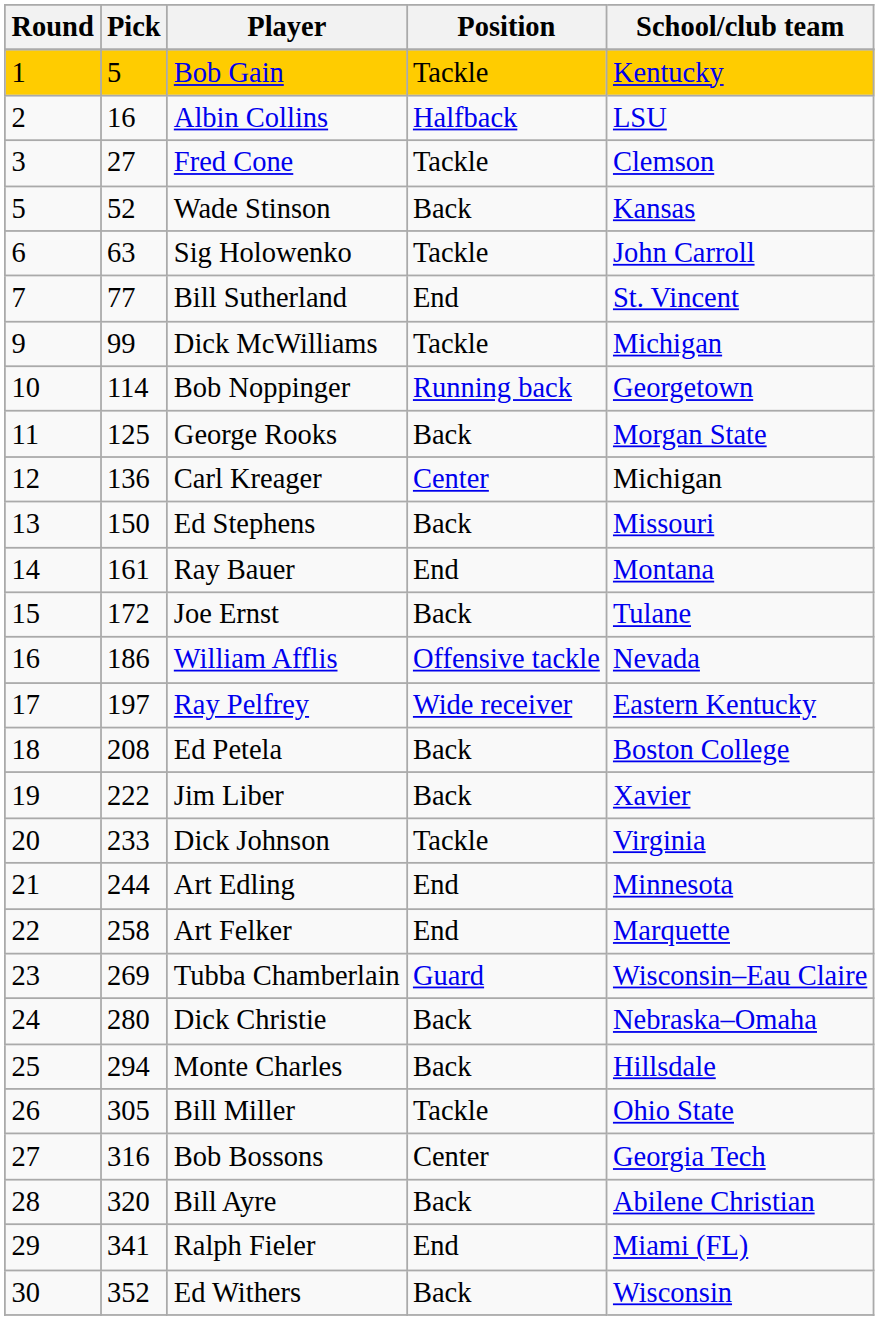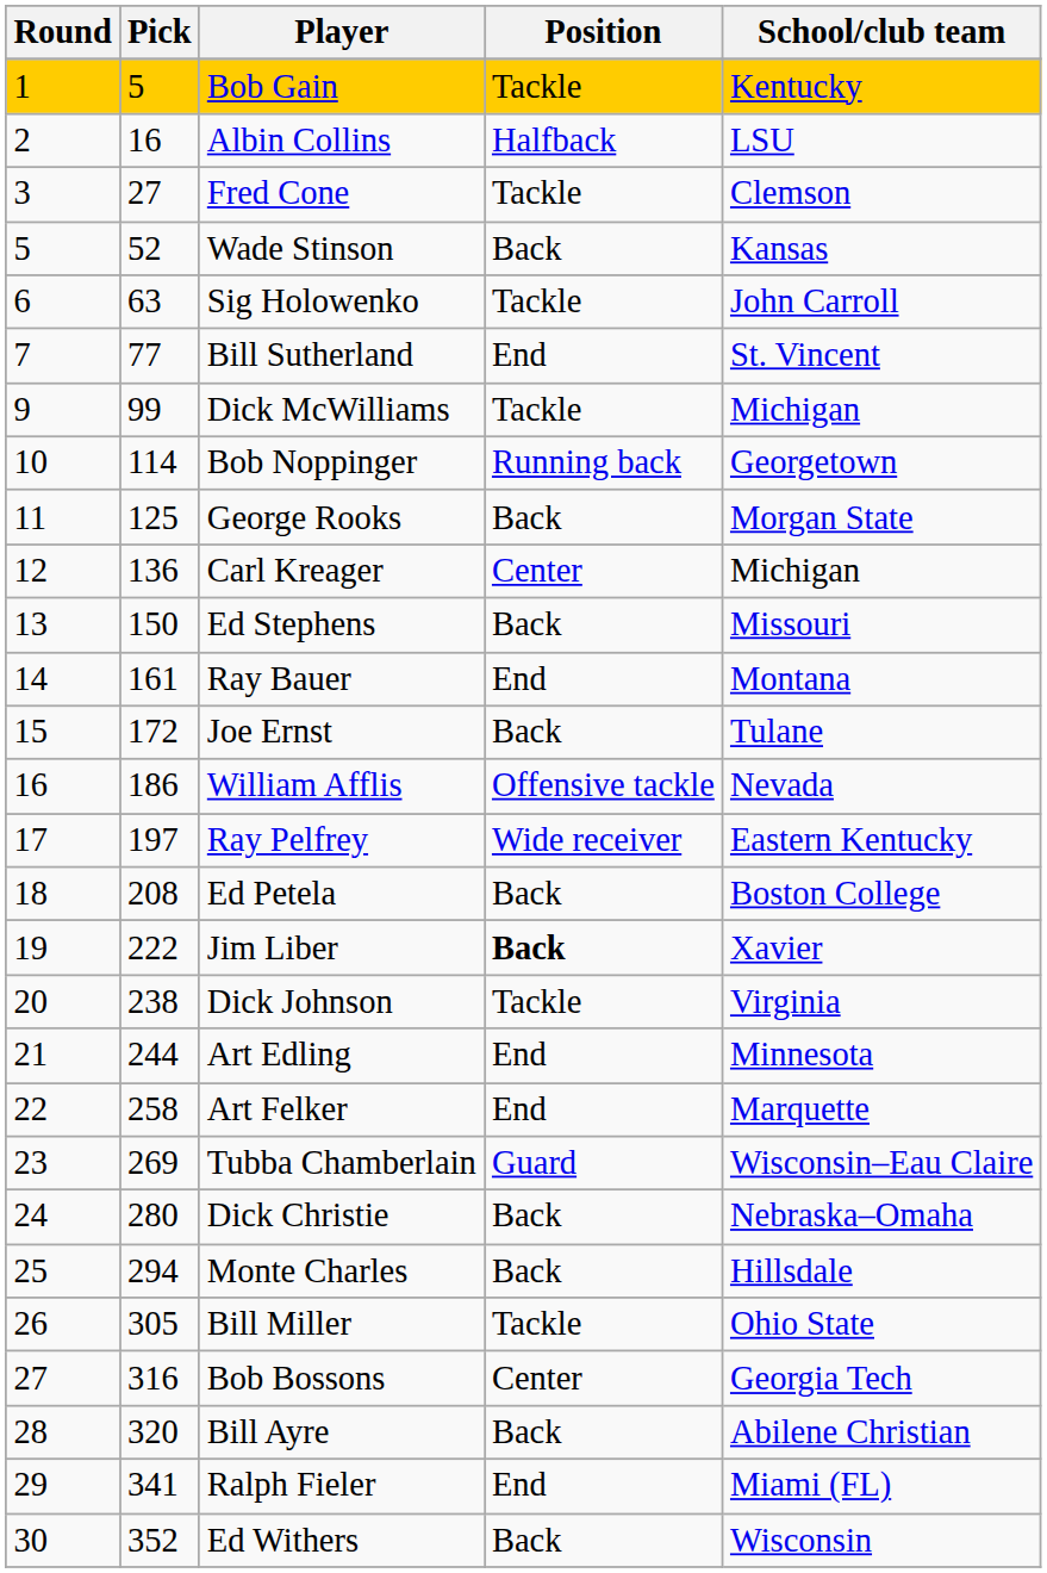 <table class="wikitable sortable sortable">
 <tr>
 <th>Round</th>
 <th>Pick</th>
 <th>Player</th>
 <th>Position</th>
 <th>School/club team</th>
 </tr>
 <tr>
 </tr>
 <tr bgcolor="#FFCC00">
 <td>1</td>
 <td>5</td>
 <td><a href='#'>Bob Gain</a></td>
 <td>Tackle</td>
 <td><a href='#'>Kentucky</a></td>
 </tr>
 <tr>
 <td>2</td>
 <td>16</td>
 <td><a href='#'>Albin Collins</a></td>
 <td><a href='#'>Halfback</a></td>
 <td><a href='#'>LSU</a></td>
 </tr>
 <tr>
 <td>3</td>
 <td>27</td>
 <td><a href='#'>Fred Cone</a></td>
 <td>Tackle</td>
 <td><a href='#'>Clemson</a></td>
 </tr>
 <tr>
 <td>5</td>
 <td>52</td>
 <td>Wade Stinson</td>
 <td>Back</td>
 <td><a href='#'>Kansas</a></td>
 </tr>
 <tr>
 <td>6</td>
 <td>63</td>
 <td>Sig Holowenko</td>
 <td>Tackle</td>
 <td><a href='#'>John Carroll</a></td>
 </tr>
 <tr>
 <td>7</td>
 <td>77</td>
 <td>Bill Sutherland</td>
 <td>End</td>
 <td><a href='#'>St. Vincent</a></td>
 </tr>
 <tr>
 <td>9</td>
 <td>99</td>
 <td>Dick McWilliams</td>
 <td>Tackle</td>
 <td><a href='#'>Michigan</a></td>
 </tr>
 <tr>
 <td>10</td>
 <td>114</td>
 <td>Bob Noppinger</td>
 <td><a href='#'>Running back</a></td>
 <td><a href='#'>Georgetown</a></td>
 </tr>
 <tr>
 <td>11</td>
 <td>125</td>
 <td>George Rooks</td>
 <td>Back</td>
 <td><a href='#'>Morgan State</a></td>
 </tr>
 <tr>
 <td>12</td>
 <td>136</td>
 <td>Carl Kreager</td>
 <td><a href='#'>Center</a></td>
 <td>Michigan</td>
 </tr>
 <tr>
 <td>13</td>
 <td>150</td>
 <td>Ed Stephens</td>
 <td>Back</td>
 <td><a href='#'>Missouri</a></td>
 </tr>
 <tr>
 <td>14</td>
 <td>161</td>
 <td>Ray Bauer</td>
 <td>End</td>
 <td><a href='#'>Montana</a></td>
 </tr>
 <tr>
 <td>15</td>
 <td>172</td>
 <td>Joe Ernst</td>
 <td>Back</td>
 <td><a href='#'>Tulane</a></td>
 </tr>
 <tr>
 <td>16</td>
 <td>186</td>
 <td><a href='#'>William Afflis</a></td>
 <td><a href='#'>Offensive tackle</a></td>
 <td><a href='#'>Nevada</a></td>
 </tr>
 <tr>
 <td>17</td>
 <td>197</td>
 <td><a href='#'>Ray Pelfrey</a></td>
 <td><a href='#'>Wide receiver</a></td>
 <td><a href='#'>Eastern Kentucky</a></td>
 </tr>
 <tr>
 <td>18</td>
 <td>208</td>
 <td>Ed Petela</td>
 <td>Back</td>
 <td><a href='#'>Boston College</a></td>
 </tr>
 <tr>
 <td>19</td>
 <td>222</td>
 <td>Jim Liber</td>
-<td>Back</td>
+<td><strong>Back</strong></td>
 <td><a href='#'>Xavier</a></td>
 </tr>
 <tr>
 <td>20</td>
-<td>233</td>
+<td>238</td>
 <td>Dick Johnson</td>
 <td>Tackle</td>
 <td><a href='#'>Virginia</a></td>
 </tr>
 <tr>
 <td>21</td>
 <td>244</td>
 <td>Art Edling</td>
 <td>End</td>
 <td><a href='#'>Minnesota</a></td>
 </tr>
 <tr>
 <td>22</td>
 <td>258</td>
 <td>Art Felker</td>
 <td>End</td>
 <td><a href='#'>Marquette</a></td>
 </tr>
 <tr>
 <td>23</td>
 <td>269</td>
 <td>Tubba Chamberlain</td>
 <td><a href='#'>Guard</a></td>
 <td><a href='#'>Wisconsin–Eau Claire</a></td>
 </tr>
 <tr>
 <td>24</td>
 <td>280</td>
 <td>Dick Christie</td>
 <td>Back</td>
 <td><a href='#'>Nebraska–Omaha</a></td>
 </tr>
 <tr>
 <td>25</td>
 <td>294</td>
 <td>Monte Charles</td>
 <td>Back</td>
 <td><a href='#'>Hillsdale</a></td>
 </tr>
 <tr>
 <td>26</td>
 <td>305</td>
 <td>Bill Miller</td>
 <td>Tackle</td>
 <td><a href='#'>Ohio State</a></td>
 </tr>
 <tr>
 <td>27</td>
 <td>316</td>
 <td>Bob Bossons</td>
 <td>Center</td>
 <td><a href='#'>Georgia Tech</a></td>
 </tr>
 <tr>
 <td>28</td>
 <td>320</td>
 <td>Bill Ayre</td>
 <td>Back</td>
 <td><a href='#'>Abilene Christian</a></td>
 </tr>
 <tr>
 <td>29</td>
 <td>341</td>
 <td>Ralph Fieler</td>
 <td>End</td>
 <td><a href='#'>Miami (FL)</a></td>
 </tr>
 <tr>
 <td>30</td>
 <td>352</td>
 <td>Ed Withers</td>
 <td>Back</td>
 <td><a href='#'>Wisconsin</a></td>
 </tr>
 </table>
